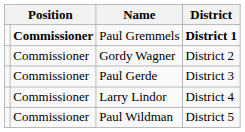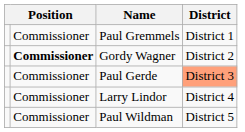 <table class="wikitable">
 <tr>
 <th colspan="2">Position</th>
 <th>Name</th>
 <th>District</th>
 </tr>
 <tr>
 <td></td>
-<td><strong>Commissioner</strong></td>
+<td>Commissioner</td>
 <td>Paul Gremmels</td>
-<td><strong>District 1</strong></td>
+<td>District 1</td>
 </tr>
 <tr>
 <td></td>
-<td>Commissioner</td>
+<td><strong>Commissioner</strong></td>
 <td>Gordy Wagner</td>
 <td>District 2</td>
 </tr>
 <tr>
 <td></td>
 <td>Commissioner</td>
 <td>Paul Gerde</td>
-<td>District 3</td>
+<td style="background: lightsalmon;">District 3</td>
 </tr>
 <tr>
 <td></td>
 <td>Commissioner</td>
 <td>Larry Lindor</td>
 <td>District 4</td>
 </tr>
 <tr>
 <td></td>
 <td>Commissioner</td>
 <td>Paul Wildman</td>
 <td>District 5</td>
 </tr>
 </table>
